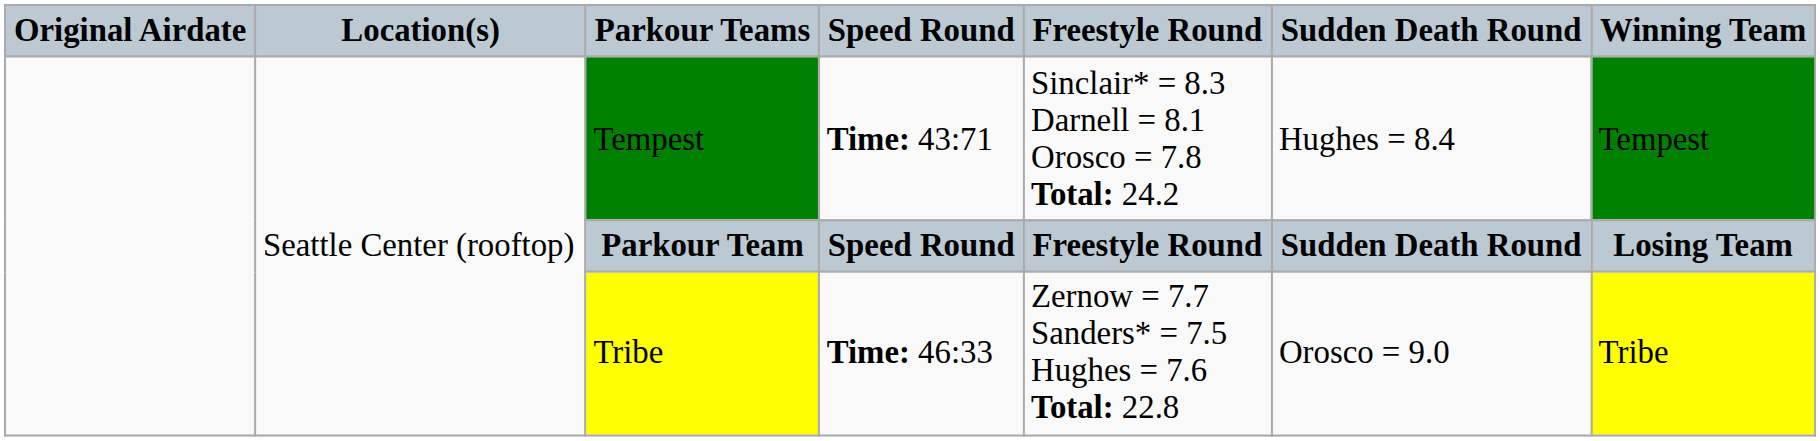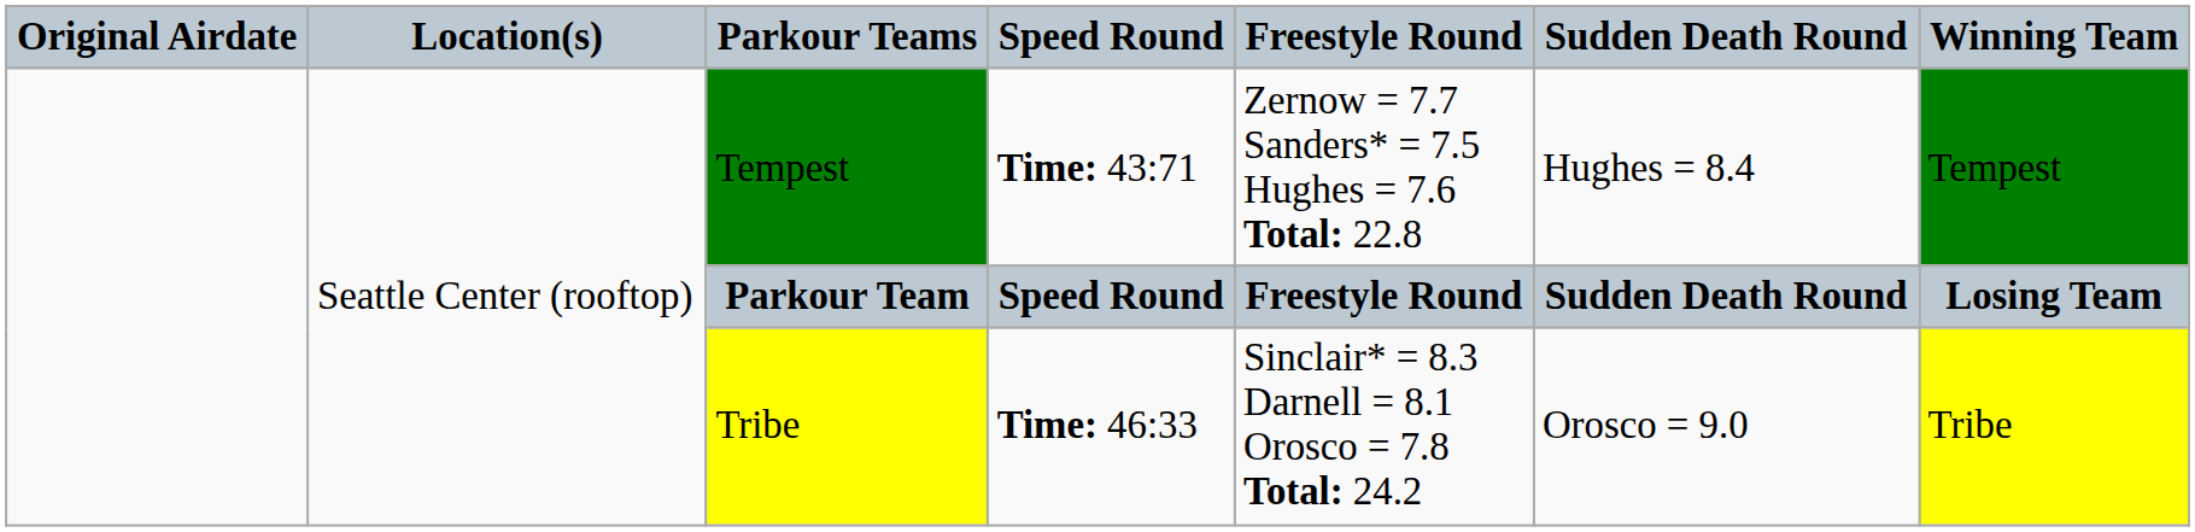 <table class="wikitable" style="margin: auto; width: 100%">
 <tr style="background:#BCC9D2; color:black">
 <th style="background-color: #BCC9D2;">Original Airdate</th>
 <th style="background-color: #BCC9D2;">Location(s)</th>
 <th style="background-color: #BCC9D2;">Parkour Teams</th>
 <th style="background-color: #BCC9D2;">Speed Round</th>
 <th style="background-color: #BCC9D2;">Freestyle Round</th>
 <th style="background-color: #BCC9D2;">Sudden Death Round</th>
 <th style="background-color: #BCC9D2;">Winning Team</th>
 </tr>
 <tr>
 <td rowspan="3"></td>
 <td rowspan="3">Seattle Center (rooftop)</td>
 <td bgcolor="green"><span>Tempest</span></td>
 <td><strong>Time:</strong> 43:71</td>
-<td>Sinclair* = 8.3<br>Darnell = 8.1<br>Orosco = 7.8<br><strong>Total:</strong> 24.2</td>
+<td>Zernow = 7.7<br>Sanders* = 7.5<br>Hughes = 7.6<br><strong>Total:</strong> 22.8</td>
 <td>Hughes = 8.4</td>
 <td bgcolor="green"><span>Tempest</span></td>
 </tr>
 <tr>
 <th style="background-color: #BCC9D2;">Parkour Team</th>
 <th style="background-color: #BCC9D2;">Speed Round</th>
 <th style="background-color: #BCC9D2;">Freestyle Round</th>
 <th style="background-color: #BCC9D2;">Sudden Death Round</th>
 <th style="background-color: #BCC9D2;">Losing Team</th>
 </tr>
 <tr>
 <td bgcolor="yellow"><span>Tribe</span></td>
 <td><strong>Time:</strong> 46:33</td>
-<td>Zernow = 7.7<br>Sanders* = 7.5<br>Hughes = 7.6<br><strong>Total:</strong> 22.8</td>
+<td>Sinclair* = 8.3<br>Darnell = 8.1<br>Orosco = 7.8<br><strong>Total:</strong> 24.2</td>
 <td>Orosco = 9.0</td>
 <td bgcolor="yellow"><span>Tribe</span></td>
 </tr>
 </table>
